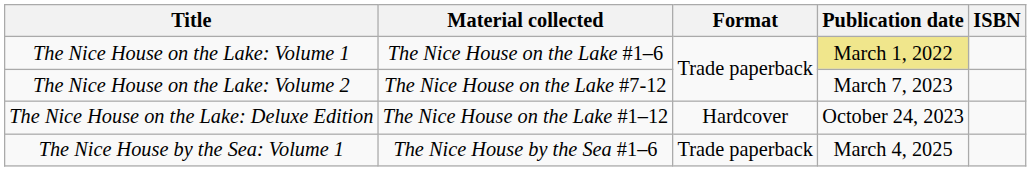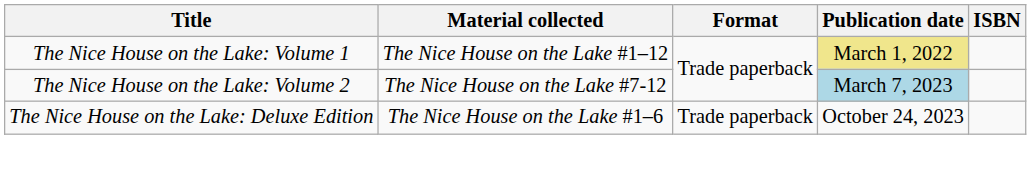 <table class="wikitable plainrowheaders" style="text-align:center;">
 <tr>
 <th scope="col">Title</th>
 <th scope="col">Material collected</th>
 <th scope="col">Format</th>
 <th scope="col">Publication date</th>
 <th scope="col">ISBN</th>
 </tr>
 <tr>
 <td scope="row"><em>The Nice House on the Lake: Volume 1</em></td>
-<td><em>The Nice House on the Lake</em> #1–6</td>
+<td><em>The Nice House on the Lake</em> #1–12</td>
 <td rowspan="2">Trade paperback</td>
 <td style="background: khaki;">March 1, 2022</td>
 <td></td>
 </tr>
 <tr>
 <td scope="row"><em>The Nice House on the Lake: Volume 2</em></td>
 <td><em>The Nice House on the Lake</em> #7-12</td>
-<td>March 7, 2023</td>
+<td style="background: lightblue;">March 7, 2023</td>
 <td></td>
 </tr>
 <tr>
 <td scope="row"><em>The Nice House on the Lake: Deluxe Edition</em></td>
-<td><em>The Nice House on the Lake</em> #1–12</td>
-<td>Hardcover</td>
+<td><em>The Nice House on the Lake</em> #1–6</td>
+<td>Trade paperback</td>
 <td>October 24, 2023</td>
 <td></td>
 </tr>
-<tr>
-<td scope="row"><em>The Nice House by the Sea: Volume 1</em></td>
-<td><em>The Nice House by the Sea</em> #1–6</td>
-<td>Trade paperback</td>
-<td>March 4, 2025</td>
-<td></td>
-</tr>
 </table>
